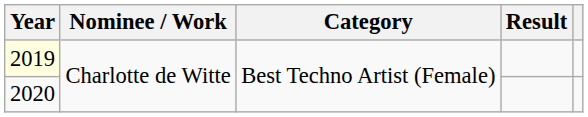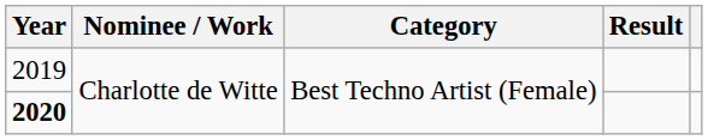 <table class=wikitable>
 <tr>
 <th>Year</th>
 <th>Nominee / Work</th>
 <th>Category</th>
 <th>Result</th>
 <th></th>
 </tr>
 <tr>
-<td style="background: lightyellow;">2019</td>
+<td>2019</td>
 <td rowspan="2">Charlotte de Witte</td>
 <td rowspan="2">Best Techno Artist (Female)</td>
 <td></td>
 <td></td>
 </tr>
 <tr>
-<td>2020</td>
+<td><strong>2020</strong></td>
 <td></td>
 <td></td>
 </tr>
 </table>
